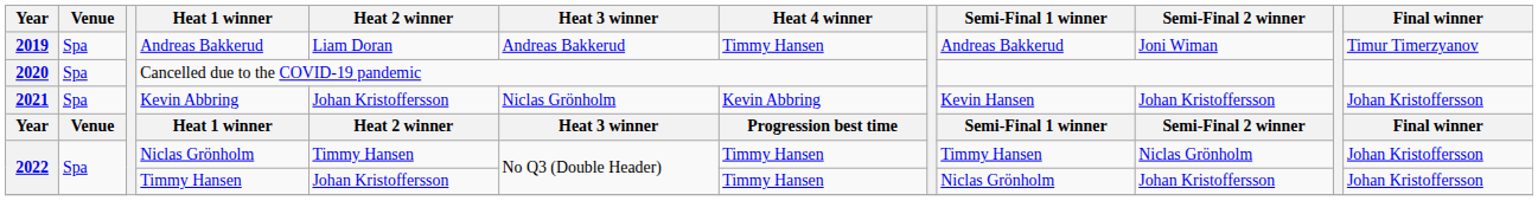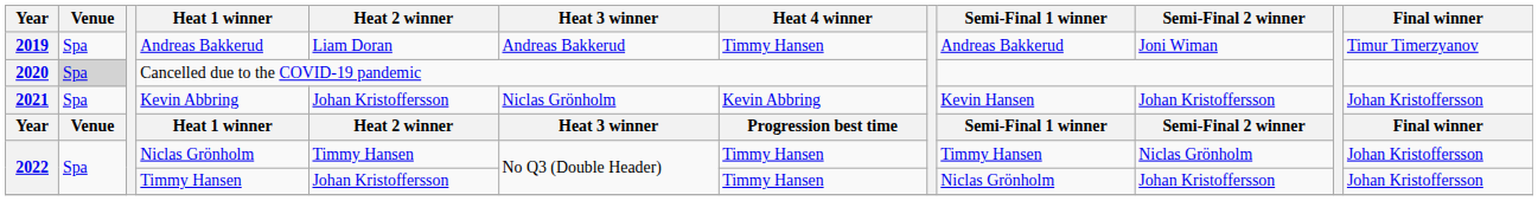 <table class="wikitable" width=100% style="font-size: 85%;">
 <tr>
 <th>Year</th>
 <th>Venue</th>
 <th rowspan="10"></th>
 <th>Heat 1 winner</th>
 <th>Heat 2 winner</th>
 <th>Heat 3 winner</th>
 <th>Heat 4 winner</th>
 <th rowspan=7></th>
 <th>Semi-Final 1 winner</th>
 <th>Semi-Final 2 winner</th>
 <th rowspan=7></th>
 <th>Final winner</th>
 </tr>
 <tr>
 <th><a href='#'>2019</a></th>
 <td><a href='#'>Spa</a></td>
 <td> <a href='#'>Andreas Bakkerud</a></td>
 <td> <a href='#'>Liam Doran</a></td>
 <td> <a href='#'>Andreas Bakkerud</a></td>
 <td> <a href='#'>Timmy Hansen</a></td>
 <td> <a href='#'>Andreas Bakkerud</a></td>
 <td> <a href='#'>Joni Wiman</a></td>
 <td> <a href='#'>Timur Timerzyanov</a></td>
 </tr>
 <tr>
 <th><a href='#'>2020</a></th>
-<td><a href='#'>Spa</a></td>
+<td style="background: lightgrey;"><a href='#'>Spa</a></td>
 <td colspan="9">Cancelled due to the <a href='#'>COVID-19 pandemic</a></td>
 </tr>
 <tr>
 <th><a href='#'>2021</a></th>
 <td><a href='#'>Spa</a></td>
 <td> <a href='#'>Kevin Abbring</a></td>
 <td> <a href='#'>Johan Kristoffersson</a></td>
 <td> <a href='#'>Niclas Grönholm</a></td>
 <td> <a href='#'>Kevin Abbring</a></td>
 <td> <a href='#'>Kevin Hansen</a></td>
 <td> <a href='#'>Johan Kristoffersson</a></td>
 <td> <a href='#'>Johan Kristoffersson</a></td>
 </tr>
 <tr>
 <th>Year</th>
 <th>Venue</th>
 <th>Heat 1 winner</th>
 <th>Heat 2 winner</th>
 <th>Heat 3 winner</th>
 <th>Progression best time</th>
 <th>Semi-Final 1 winner</th>
 <th>Semi-Final 2 winner</th>
 <th>Final winner</th>
 </tr>
 <tr>
 <th rowspan="2"><a href='#'>2022</a></th>
 <td rowspan="2"><a href='#'>Spa</a></td>
 <td> <a href='#'>Niclas Grönholm</a></td>
 <td> <a href='#'>Timmy Hansen</a></td>
 <td rowspan="2">No Q3 (Double Header)</td>
 <td> <a href='#'>Timmy Hansen</a></td>
 <td> <a href='#'>Timmy Hansen</a></td>
 <td> <a href='#'>Niclas Grönholm</a></td>
 <td> <a href='#'>Johan Kristoffersson</a></td>
 </tr>
 <tr>
 <td> <a href='#'>Timmy Hansen</a></td>
 <td> <a href='#'>Johan Kristoffersson</a></td>
 <td> <a href='#'>Timmy Hansen</a></td>
 <td> <a href='#'>Niclas Grönholm</a></td>
 <td> <a href='#'>Johan Kristoffersson</a></td>
 <td> <a href='#'>Johan Kristoffersson</a></td>
 </tr>
 <tr>
 </tr>
 </table>
